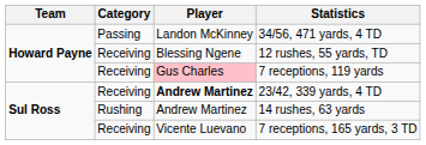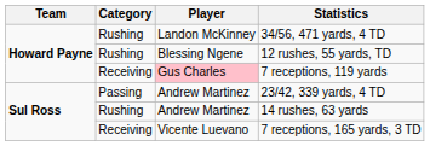 <table class="wikitable" style="float: right;">
 <tr>
 <th>Team</th>
 <th>Category</th>
 <th>Player</th>
 <th>Statistics</th>
 </tr>
 <tr>
 <td rowspan=3><strong>Howard Payne</strong></td>
-<td>Passing</td>
+<td>Rushing</td>
 <td>Landon McKinney</td>
 <td>34/56, 471 yards, 4 TD</td>
 </tr>
 <tr>
-<td>Receiving</td>
+<td>Rushing</td>
 <td>Blessing Ngene</td>
 <td>12 rushes, 55 yards, TD</td>
 </tr>
 <tr>
 <td>Receiving</td>
 <td style="background: pink;">Gus Charles</td>
 <td>7 receptions, 119 yards</td>
 </tr>
 <tr>
 <td rowspan=3><strong>Sul Ross</strong></td>
-<td>Receiving</td>
-<td><strong>Andrew Martinez</strong></td>
+<td>Passing</td>
+<td>Andrew Martinez</td>
 <td>23/42, 339 yards, 4 TD</td>
 </tr>
 <tr>
 <td>Rushing</td>
 <td>Andrew Martinez</td>
 <td>14 rushes, 63 yards</td>
 </tr>
 <tr>
 <td>Receiving</td>
 <td>Vicente Luevano</td>
 <td>7 receptions, 165 yards, 3 TD</td>
 </tr>
 </table>
